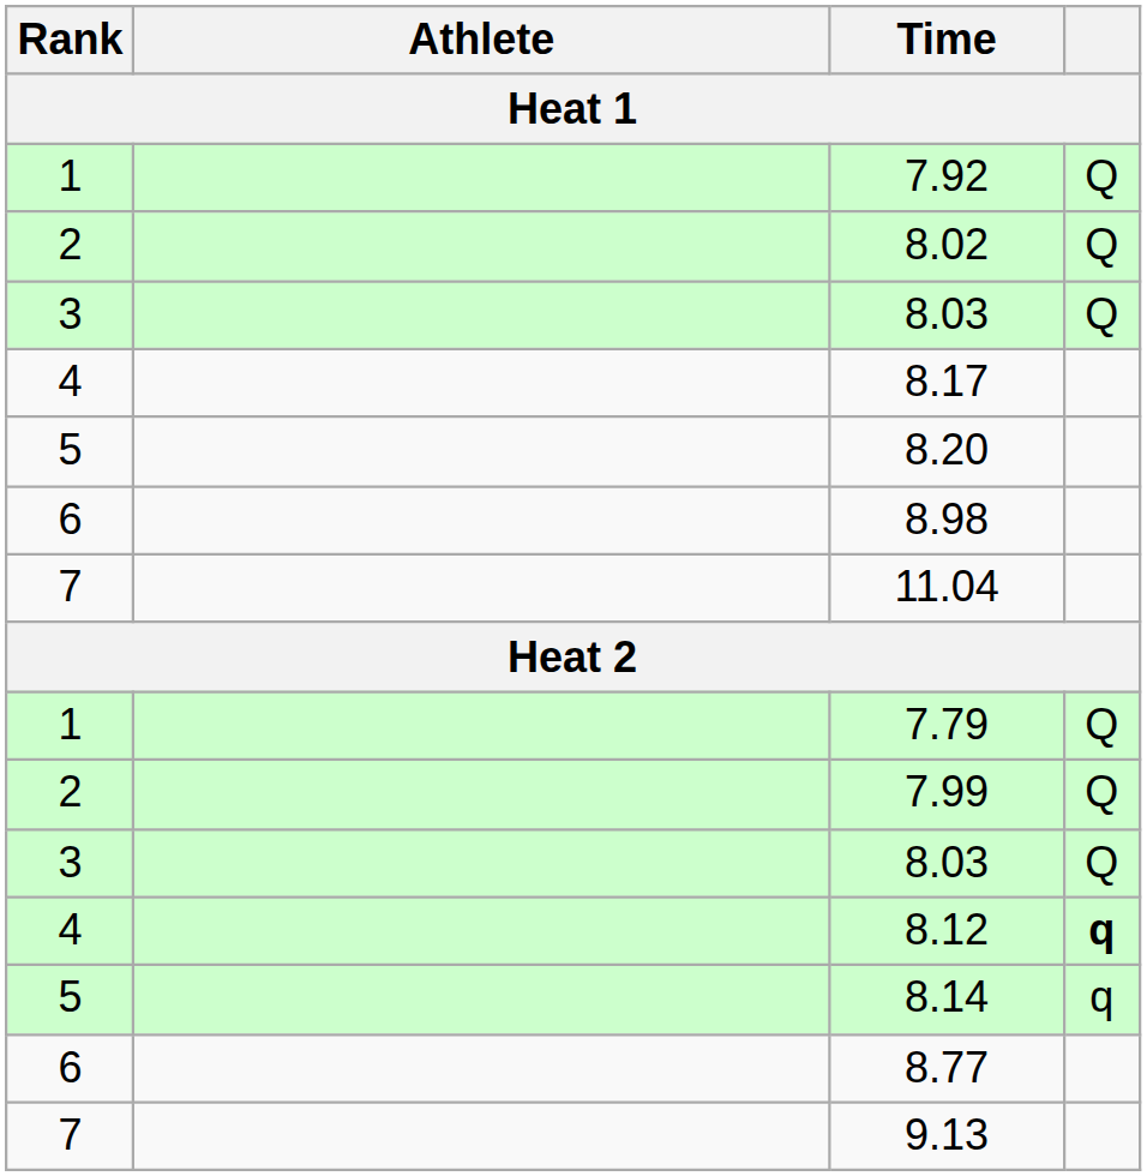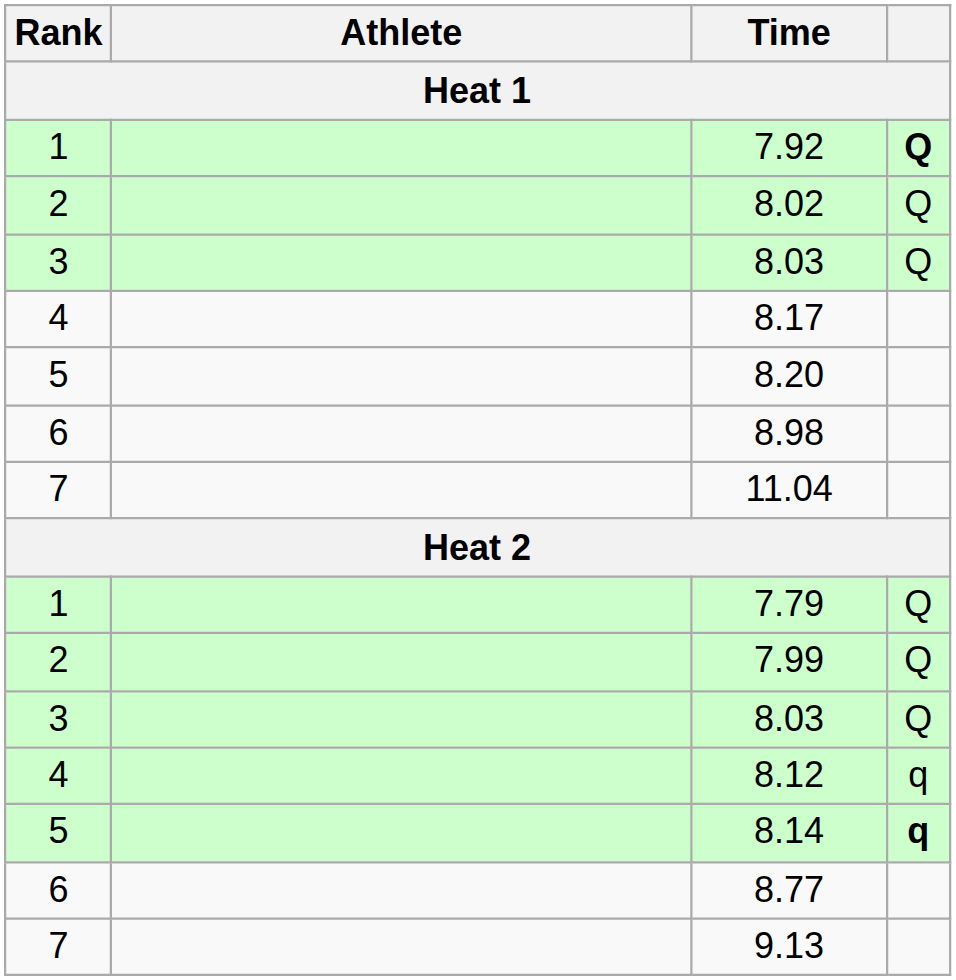 <table class=wikitable style="text-align:center">
 <tr>
 <th width=40>Rank</th>
 <th width=250>Athlete</th>
 <th width=80>Time</th>
 <th width=20></th>
 </tr>
 <tr>
 <th colspan=4>Heat 1</th>
 </tr>
 <tr bgcolor="ccffcc">
 <td>1</td>
 <td align=left></td>
 <td>7.92</td>
-<td>Q</td>
+<td><strong>Q</strong></td>
 </tr>
 <tr bgcolor="ccffcc">
 <td>2</td>
 <td align=left></td>
 <td>8.02</td>
 <td>Q</td>
 </tr>
 <tr bgcolor="ccffcc">
 <td>3</td>
 <td align=left></td>
 <td>8.03</td>
 <td>Q</td>
 </tr>
 <tr>
 <td>4</td>
 <td align=left></td>
 <td>8.17</td>
 <td></td>
 </tr>
 <tr>
 <td>5</td>
 <td align=left></td>
 <td>8.20</td>
 <td></td>
 </tr>
 <tr>
 <td>6</td>
 <td align=left></td>
 <td>8.98</td>
 <td></td>
 </tr>
 <tr>
 <td>7</td>
 <td align=left></td>
 <td>11.04</td>
 <td></td>
 </tr>
 <tr>
 <th colspan=4>Heat 2</th>
 </tr>
 <tr bgcolor="ccffcc">
 <td>1</td>
 <td align=left></td>
 <td>7.79</td>
 <td>Q</td>
 </tr>
 <tr bgcolor="ccffcc">
 <td>2</td>
 <td align=left></td>
 <td>7.99</td>
 <td>Q</td>
 </tr>
 <tr bgcolor="ccffcc">
 <td>3</td>
 <td align=left></td>
 <td>8.03</td>
 <td>Q</td>
 </tr>
 <tr bgcolor="ccffcc">
 <td>4</td>
 <td align=left></td>
 <td>8.12</td>
-<td><strong>q</strong></td>
+<td>q</td>
 </tr>
 <tr bgcolor="ccffcc">
 <td>5</td>
 <td align=left></td>
 <td>8.14</td>
-<td>q</td>
+<td><strong>q</strong></td>
 </tr>
 <tr>
 <td>6</td>
 <td align=left></td>
 <td>8.77</td>
 <td></td>
 </tr>
 <tr>
 <td>7</td>
 <td align=left></td>
 <td>9.13</td>
 <td></td>
 </tr>
 </table>
